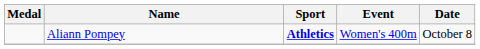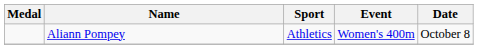 <table class="wikitable sortable">
 <tr>
 <th>Medal</th>
 <th width=300px>Name</th>
 <th>Sport</th>
 <th>Event</th>
 <th>Date</th>
 </tr>
 <tr>
 <td></td>
 <td><a href='#'>Aliann Pompey</a></td>
-<td><strong><a href='#'>Athletics</a></strong></td>
+<td><a href='#'>Athletics</a></td>
 <td><a href='#'>Women's 400m</a></td>
 <td>October 8</td>
 </tr>
 <tr>
 </tr>
 </table>
